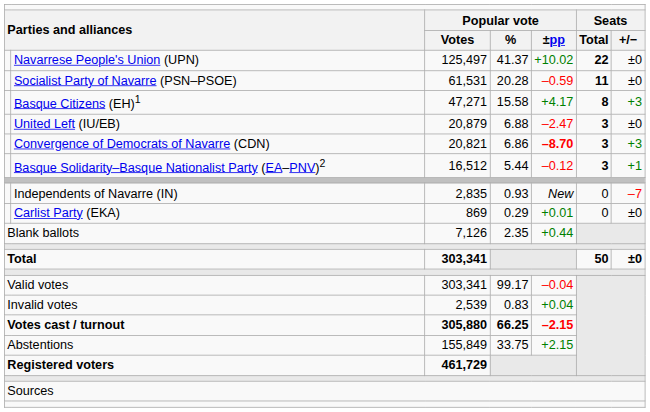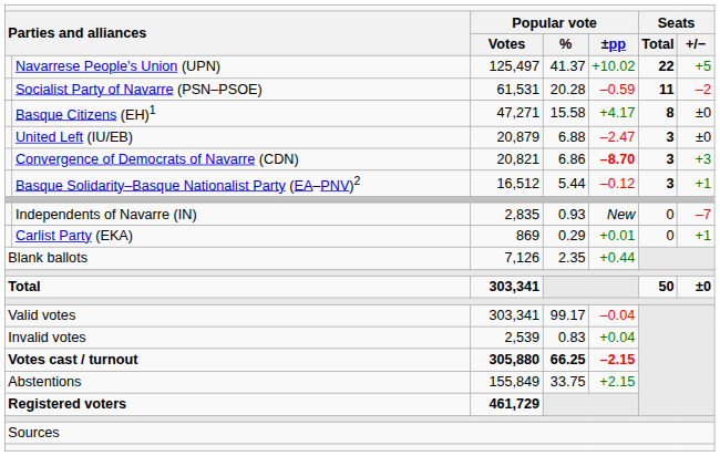 <table class="wikitable" style="text-align:right;">
 <tr>
 <td colspan="7"></td>
 </tr>
 <tr>
 <th style="text-align:left;" rowspan="2" colspan="2" width="525">Parties and alliances</th>
 <th colspan="3">Popular vote</th>
 <th colspan="2">Seats</th>
 </tr>
 <tr>
 <th width="75">Votes</th>
 <th width="45">%</th>
 <th width="45">±<a href='#'>pp</a></th>
 <th width="35">Total</th>
 <th width="35">+/−</th>
 </tr>
 <tr>
 <td width="1" style="color:inherit;background:"></td>
 <td align="left"><a href='#'>Navarrese People's Union</a> (UPN)</td>
 <td>125,497</td>
 <td>41.37</td>
 <td style="color:green;">+10.02</td>
 <td><strong>22</strong></td>
-<td>±0</td>
+<td style="color:green;">+5</td>
 </tr>
 <tr>
 <td style="color:inherit;background:"></td>
 <td align="left"><a href='#'>Socialist Party of Navarre</a> (PSN–PSOE)</td>
 <td>61,531</td>
 <td>20.28</td>
 <td style="color:red;">–0.59</td>
 <td><strong>11</strong></td>
-<td>±0</td>
+<td style="color:red;">–2</td>
 </tr>
 <tr>
 <td style="color:inherit;background:"></td>
 <td align="left"><a href='#'>Basque Citizens</a> (EH)<sup>1</sup></td>
 <td>47,271</td>
 <td>15.58</td>
 <td style="color:green;">+4.17</td>
 <td><strong>8</strong></td>
-<td style="color:green;">+3</td>
+<td>±0</td>
 </tr>
 <tr>
 <td style="color:inherit;background:"></td>
 <td align="left"><a href='#'>United Left</a> (IU/EB)</td>
 <td>20,879</td>
 <td>6.88</td>
 <td style="color:red;">–2.47</td>
 <td><strong>3</strong></td>
 <td>±0</td>
 </tr>
 <tr>
 <td style="color:inherit;background:"></td>
 <td align="left"><a href='#'>Convergence of Democrats of Navarre</a> (CDN)</td>
 <td>20,821</td>
 <td>6.86</td>
 <td style="color:red;"><strong>–8.70</strong></td>
 <td><strong>3</strong></td>
 <td style="color:green;">+3</td>
 </tr>
 <tr>
 <td style="color:inherit;background:"></td>
 <td align="left"><a href='#'>Basque Solidarity–Basque Nationalist Party</a> (<a href='#'>EA</a>–<a href='#'>PNV</a>)<sup>2</sup></td>
 <td>16,512</td>
 <td>5.44</td>
 <td style="color:red;">–0.12</td>
 <td><strong>3</strong></td>
 <td style="color:green;">+1</td>
 </tr>
 <tr>
 <td colspan="7" bgcolor="#C0C0C0"></td>
 </tr>
 <tr>
 <td style="color:inherit;background:"></td>
 <td align="left">Independents of Navarre (IN)</td>
 <td>2,835</td>
 <td>0.93</td>
 <td><em>New</em></td>
 <td>0</td>
 <td style="color:red;">–7</td>
 </tr>
 <tr>
 <td style="color:inherit;background:"></td>
 <td align="left"><a href='#'>Carlist Party</a> (EKA)</td>
 <td>869</td>
 <td>0.29</td>
 <td style="color:green;">+0.01</td>
 <td>0</td>
-<td>±0</td>
+<td style="color:green;">+1</td>
 </tr>
 <tr>
 <td align="left" colspan="2">Blank ballots</td>
 <td>7,126</td>
 <td>2.35</td>
 <td style="color:green;">+0.44</td>
 <td bgcolor="#E9E9E9" colspan="2"></td>
 </tr>
 <tr>
 <td colspan="7" bgcolor="#E9E9E9"></td>
 </tr>
 <tr style="font-weight:bold;">
 <td align="left" colspan="2">Total</td>
 <td>303,341</td>
 <td bgcolor="#E9E9E9" colspan="2"></td>
 <td>50</td>
 <td>±0</td>
 </tr>
 <tr>
 <td colspan="7" bgcolor="#E9E9E9"></td>
 </tr>
 <tr>
 <td align="left" colspan="2">Valid votes</td>
 <td>303,341</td>
 <td>99.17</td>
 <td style="color:red;">–0.04</td>
 <td bgcolor="#E9E9E9" colspan="2" rowspan="5"></td>
 </tr>
 <tr>
 <td align="left" colspan="2">Invalid votes</td>
 <td>2,539</td>
 <td>0.83</td>
 <td style="color:green;">+0.04</td>
 </tr>
 <tr style="font-weight:bold;">
 <td align="left" colspan="2">Votes cast / turnout</td>
 <td>305,880</td>
 <td>66.25</td>
 <td style="color:red;">–2.15</td>
 </tr>
 <tr>
 <td align="left" colspan="2">Abstentions</td>
 <td>155,849</td>
 <td>33.75</td>
 <td style="color:green;">+2.15</td>
 </tr>
 <tr style="font-weight:bold;">
 <td align="left" colspan="2">Registered voters</td>
 <td>461,729</td>
 <td bgcolor="#E9E9E9" colspan="2"></td>
 </tr>
 <tr>
 <td colspan="7" bgcolor="#E9E9E9"></td>
 </tr>
 <tr>
 <td align="left" colspan="7">Sources</td>
 </tr>
 <tr>
 <td colspan="7" style="text-align:left; max-width:790px;"></td>
 </tr>
 </table>
